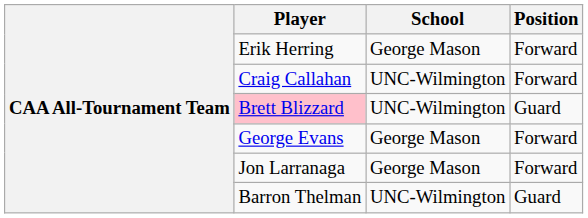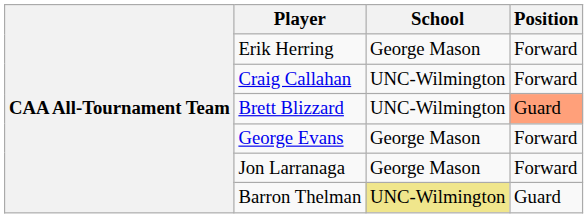 <table class="wikitable" border="1">
 <tr>
 <th rowspan=7 valign=middle>CAA All-Tournament Team</th>
 <th>Player</th>
 <th>School</th>
 <th>Position</th>
 </tr>
 <tr>
 <td>Erik Herring</td>
 <td>George Mason</td>
 <td>Forward</td>
 </tr>
 <tr>
 <td><a href='#'>Craig Callahan</a></td>
 <td>UNC-Wilmington</td>
 <td>Forward</td>
 </tr>
 <tr>
-<td style="background: pink;"><a href='#'>Brett Blizzard</a></td>
+<td><a href='#'>Brett Blizzard</a></td>
 <td>UNC-Wilmington</td>
-<td>Guard</td>
+<td style="background: lightsalmon;">Guard</td>
 </tr>
 <tr>
 <td><a href='#'>George Evans</a></td>
 <td>George Mason</td>
 <td>Forward</td>
 </tr>
 <tr>
 <td>Jon Larranaga</td>
 <td>George Mason</td>
 <td>Forward</td>
 </tr>
 <tr>
 <td>Barron Thelman</td>
-<td>UNC-Wilmington</td>
+<td style="background: khaki;">UNC-Wilmington</td>
 <td>Guard</td>
 </tr>
 </table>
